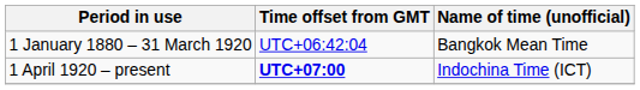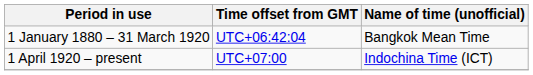 <table class="wikitable">
 <tr>
 <th>Period in use</th>
 <th>Time offset from GMT</th>
 <th>Name of time (unofficial)</th>
 </tr>
 <tr>
 <td>1 January 1880 – 31 March 1920</td>
 <td><a href='#'>UTC+06:42:04</a></td>
 <td>Bangkok Mean Time</td>
 </tr>
 <tr>
 <td>1 April 1920 – present</td>
-<td><strong><a href='#'>UTC+07:00</a></strong></td>
+<td><a href='#'>UTC+07:00</a></td>
 <td><a href='#'>Indochina Time</a> (ICT)</td>
 </tr>
 <tr>
 </tr>
 </table>
